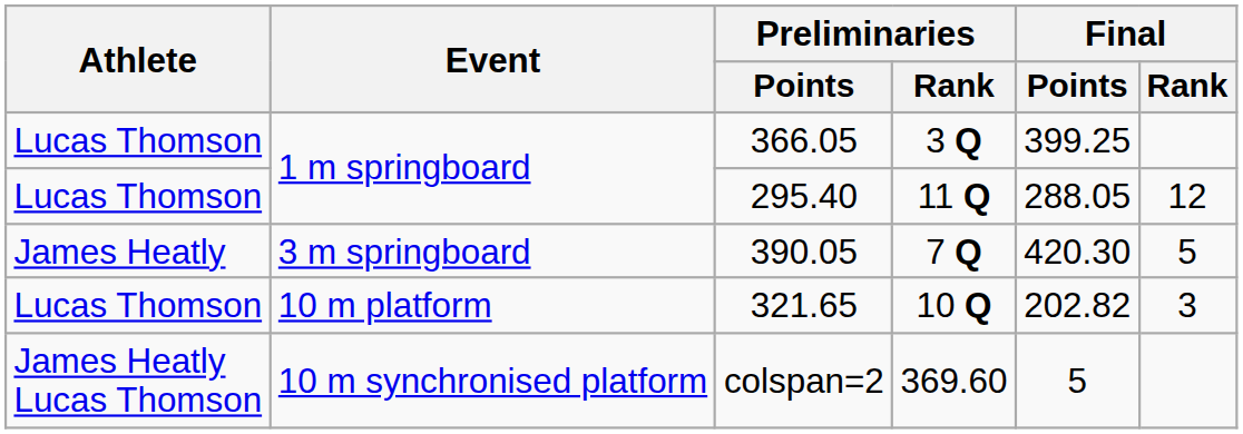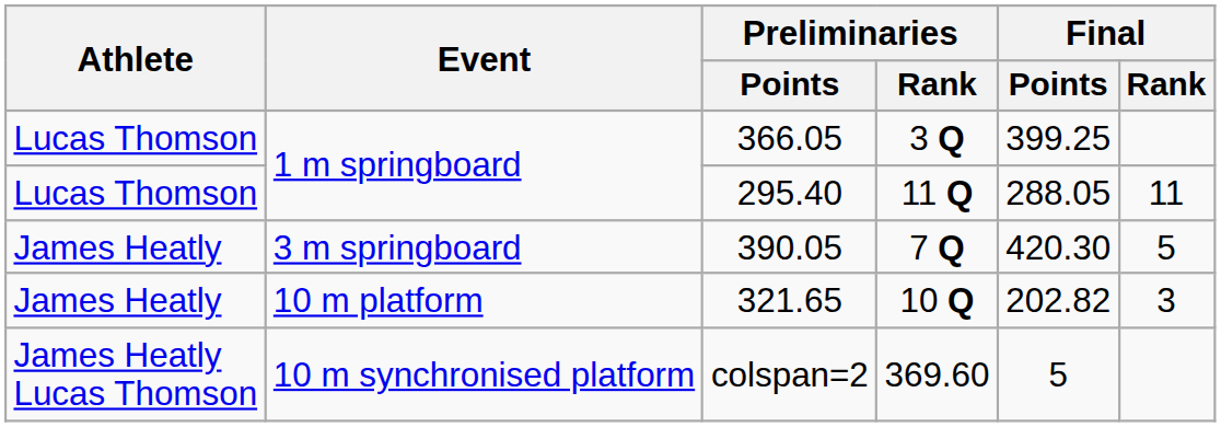 <table class="wikitable" style="font-size:90%;">
 <tr>
 <th rowspan=2>Athlete</th>
 <th rowspan=2>Event</th>
 <th colspan=2>Preliminaries</th>
 <th colspan=2>Final</th>
 </tr>
 <tr style="font-size:95%">
 <th>Points</th>
 <th>Rank</th>
 <th>Points</th>
 <th>Rank</th>
 </tr>
 <tr align=center>
 <td align=left><a href='#'>Lucas Thomson</a></td>
 <td style="text-align:left;" rowspan="2"><a href='#'>1 m springboard</a></td>
 <td>366.05</td>
 <td>3 <strong>Q</strong></td>
 <td>399.25</td>
 <td></td>
 </tr>
 <tr align=center>
 <td align=left><a href='#'>Lucas Thomson</a></td>
 <td>295.40</td>
 <td>11 <strong>Q</strong></td>
 <td>288.05</td>
-<td>12</td>
+<td>11</td>
 </tr>
 <tr align=center>
 <td align=left><a href='#'>James Heatly</a></td>
 <td align=left><a href='#'>3 m springboard</a></td>
 <td>390.05</td>
 <td>7 <strong>Q</strong></td>
 <td>420.30</td>
 <td>5</td>
 </tr>
 <tr align=center>
-<td align=left><a href='#'>Lucas Thomson</a></td>
+<td align=left><a href='#'>James Heatly</a></td>
 <td align=left><a href='#'>10 m platform</a></td>
 <td>321.65</td>
 <td>10 <strong>Q</strong></td>
 <td>202.82</td>
 <td>3</td>
 </tr>
 <tr align=center>
 <td align=left><a href='#'>James Heatly</a><br><a href='#'>Lucas Thomson</a></td>
 <td align=left><a href='#'>10 m synchronised platform</a></td>
 <td>colspan=2 </td>
 <td>369.60</td>
 <td>5</td>
 </tr>
 </table>
